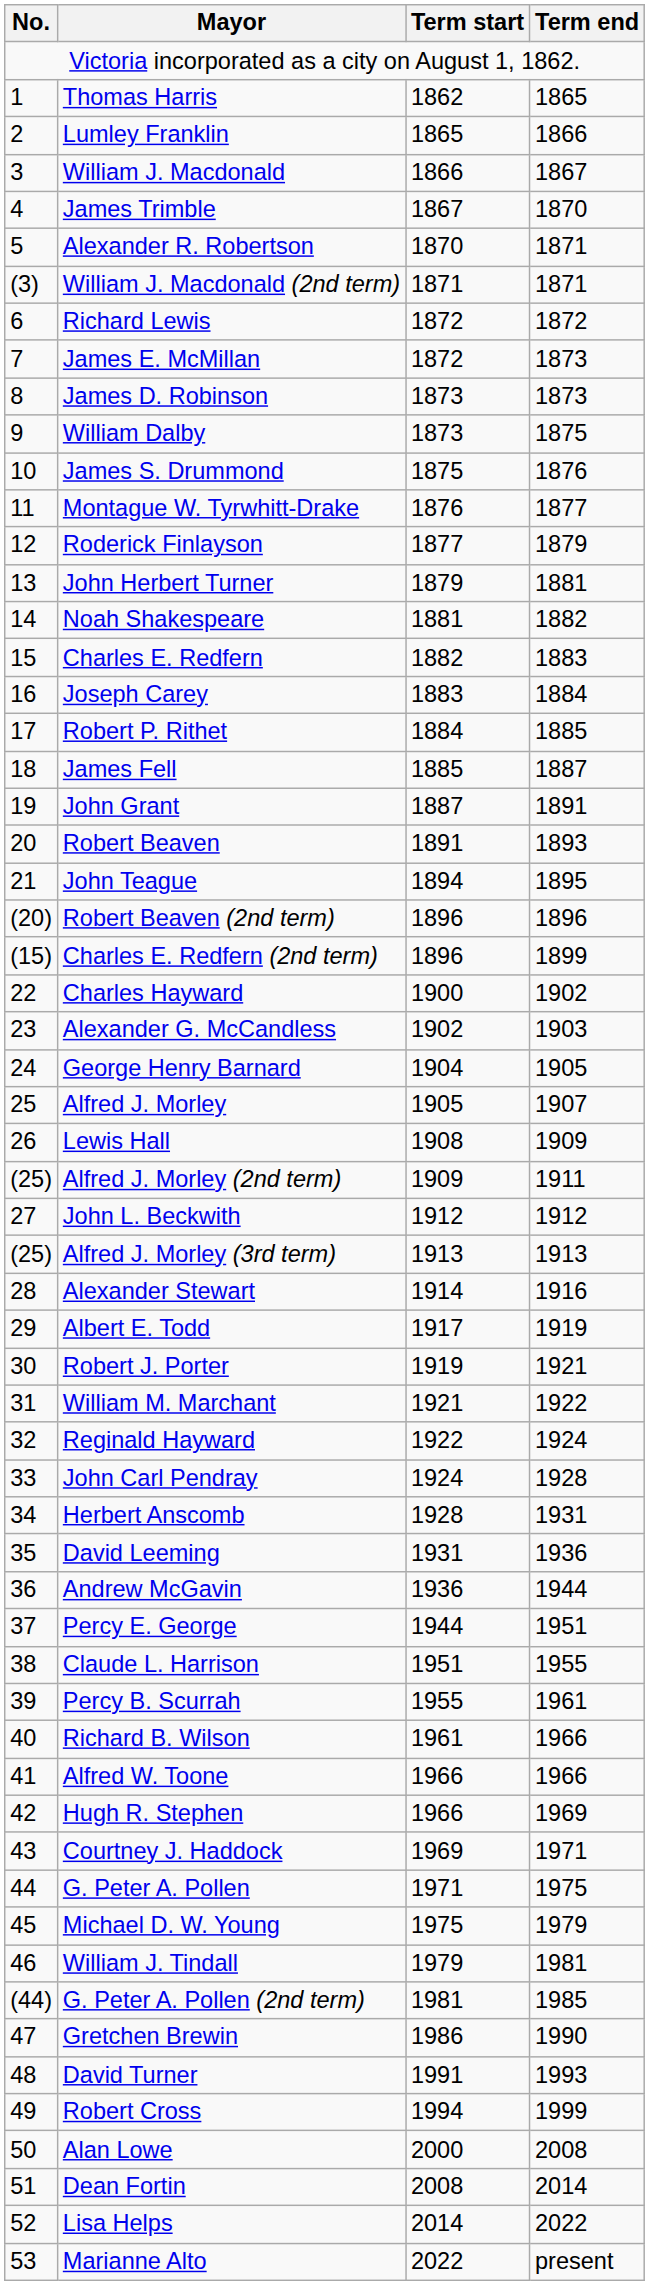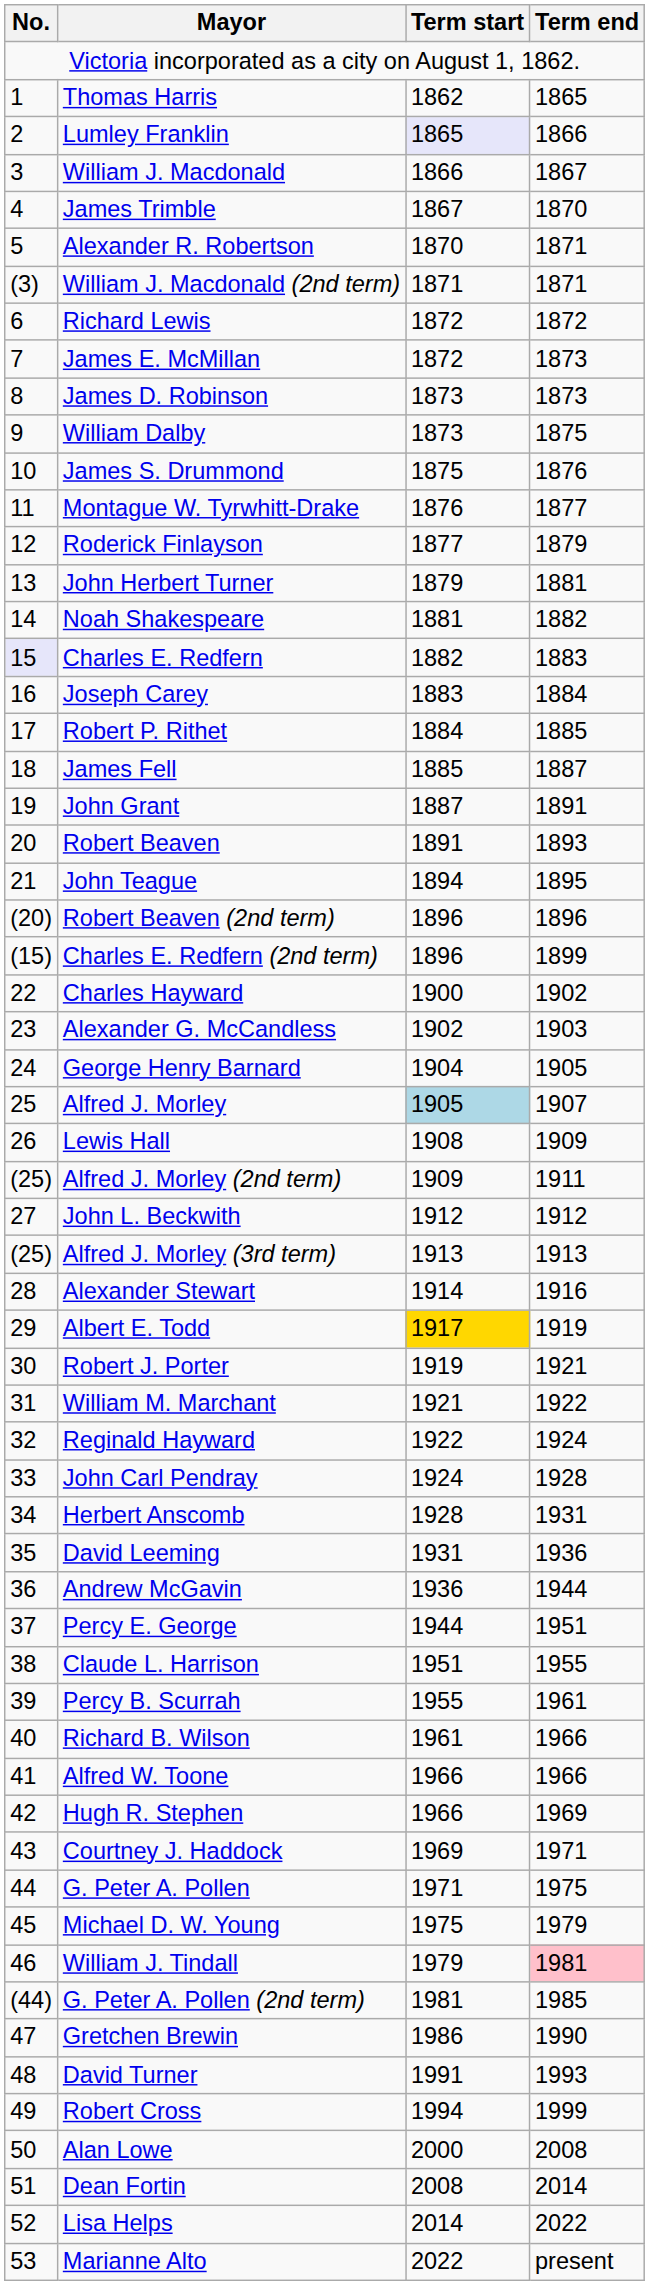 <table class="wikitable sortable">
 <tr>
 <th align="center">No.</th>
 <th>Mayor</th>
 <th>Term start</th>
 <th>Term end</th>
 </tr>
 <tr>
 <td colspan="4" align="center"><a href='#'>Victoria</a> incorporated as a city on August 1, 1862.</td>
 </tr>
 <tr>
 <td>1</td>
 <td><a href='#'>Thomas Harris</a></td>
 <td>1862</td>
 <td>1865</td>
 </tr>
 <tr>
 <td>2</td>
 <td><a href='#'>Lumley Franklin</a></td>
-<td>1865</td>
+<td style="background: lavender;">1865</td>
 <td>1866</td>
 </tr>
 <tr>
 <td>3</td>
 <td><a href='#'>William J. Macdonald</a></td>
 <td>1866</td>
 <td>1867</td>
 </tr>
 <tr>
 <td>4</td>
 <td><a href='#'>James Trimble</a></td>
 <td>1867</td>
 <td>1870</td>
 </tr>
 <tr>
 <td>5</td>
 <td><a href='#'>Alexander R. Robertson</a></td>
 <td>1870</td>
 <td>1871</td>
 </tr>
 <tr>
 <td>(3)</td>
 <td><a href='#'>William J. Macdonald</a> <em>(2nd term)</em></td>
 <td>1871</td>
 <td>1871</td>
 </tr>
 <tr>
 <td>6</td>
 <td><a href='#'>Richard Lewis</a></td>
 <td>1872</td>
 <td>1872</td>
 </tr>
 <tr>
 <td>7</td>
 <td><a href='#'>James E. McMillan</a></td>
 <td>1872</td>
 <td>1873</td>
 </tr>
 <tr>
 <td>8</td>
 <td><a href='#'>James D. Robinson</a></td>
 <td>1873</td>
 <td>1873</td>
 </tr>
 <tr>
 <td>9</td>
 <td><a href='#'>William Dalby</a></td>
 <td>1873</td>
 <td>1875</td>
 </tr>
 <tr>
 <td>10</td>
 <td><a href='#'>James S. Drummond</a></td>
 <td>1875</td>
 <td>1876</td>
 </tr>
 <tr>
 <td>11</td>
 <td><a href='#'>Montague W. Tyrwhitt-Drake</a></td>
 <td>1876</td>
 <td>1877</td>
 </tr>
 <tr>
 <td>12</td>
 <td><a href='#'>Roderick Finlayson</a></td>
 <td>1877</td>
 <td>1879</td>
 </tr>
 <tr>
 <td>13</td>
 <td><a href='#'>John Herbert Turner</a></td>
 <td>1879</td>
 <td>1881</td>
 </tr>
 <tr>
 <td>14</td>
 <td><a href='#'>Noah Shakespeare</a></td>
 <td>1881</td>
 <td>1882</td>
 </tr>
 <tr>
-<td>15</td>
+<td style="background: lavender;">15</td>
 <td><a href='#'>Charles E. Redfern</a></td>
 <td>1882</td>
 <td>1883</td>
 </tr>
 <tr>
 <td>16</td>
 <td><a href='#'>Joseph Carey</a></td>
 <td>1883</td>
 <td>1884</td>
 </tr>
 <tr>
 <td>17</td>
 <td><a href='#'>Robert P. Rithet</a></td>
 <td>1884</td>
 <td>1885</td>
 </tr>
 <tr>
 <td>18</td>
 <td><a href='#'>James Fell</a></td>
 <td>1885</td>
 <td>1887</td>
 </tr>
 <tr>
 <td>19</td>
 <td><a href='#'>John Grant</a></td>
 <td>1887</td>
 <td>1891</td>
 </tr>
 <tr>
 <td>20</td>
 <td><a href='#'>Robert Beaven</a></td>
 <td>1891</td>
 <td>1893</td>
 </tr>
 <tr>
 <td>21</td>
 <td><a href='#'>John Teague</a></td>
 <td>1894</td>
 <td>1895</td>
 </tr>
 <tr>
 <td>(20)</td>
 <td><a href='#'>Robert Beaven</a> <em>(2nd term)</em></td>
 <td>1896</td>
 <td>1896</td>
 </tr>
 <tr>
 <td>(15)</td>
 <td><a href='#'>Charles E. Redfern</a> <em>(2nd term)</em></td>
 <td>1896</td>
 <td>1899</td>
 </tr>
 <tr>
 <td>22</td>
 <td><a href='#'>Charles Hayward</a></td>
 <td>1900</td>
 <td>1902</td>
 </tr>
 <tr>
 <td>23</td>
 <td><a href='#'>Alexander G. McCandless</a></td>
 <td>1902</td>
 <td>1903</td>
 </tr>
 <tr>
 <td>24</td>
 <td><a href='#'>George Henry Barnard</a></td>
 <td>1904</td>
 <td>1905</td>
 </tr>
 <tr>
 <td>25</td>
 <td><a href='#'>Alfred J. Morley</a></td>
-<td>1905</td>
+<td style="background: lightblue;">1905</td>
 <td>1907</td>
 </tr>
 <tr>
 <td>26</td>
 <td><a href='#'>Lewis Hall</a></td>
 <td>1908</td>
 <td>1909</td>
 </tr>
 <tr>
 <td>(25)</td>
 <td><a href='#'>Alfred J. Morley</a> <em>(2nd term)</em></td>
 <td>1909</td>
 <td>1911</td>
 </tr>
 <tr>
 <td>27</td>
 <td><a href='#'>John L. Beckwith</a></td>
 <td>1912</td>
 <td>1912</td>
 </tr>
 <tr>
 <td>(25)</td>
 <td><a href='#'>Alfred J. Morley</a> <em>(3rd term)</em></td>
 <td>1913</td>
 <td>1913</td>
 </tr>
 <tr>
 <td>28</td>
 <td><a href='#'>Alexander Stewart</a></td>
 <td>1914</td>
 <td>1916</td>
 </tr>
 <tr>
 <td>29</td>
 <td><a href='#'>Albert E. Todd</a></td>
-<td>1917</td>
+<td style="background: gold;">1917</td>
 <td>1919</td>
 </tr>
 <tr>
 <td>30</td>
 <td><a href='#'>Robert J. Porter</a></td>
 <td>1919</td>
 <td>1921</td>
 </tr>
 <tr>
 <td>31</td>
 <td><a href='#'>William M. Marchant</a></td>
 <td>1921</td>
 <td>1922</td>
 </tr>
 <tr>
 <td>32</td>
 <td><a href='#'>Reginald Hayward</a></td>
 <td>1922</td>
 <td>1924</td>
 </tr>
 <tr>
 <td>33</td>
 <td><a href='#'>John Carl Pendray</a></td>
 <td>1924</td>
 <td>1928</td>
 </tr>
 <tr>
 <td>34</td>
 <td><a href='#'>Herbert Anscomb</a></td>
 <td>1928</td>
 <td>1931</td>
 </tr>
 <tr>
 <td>35</td>
 <td><a href='#'>David Leeming</a></td>
 <td>1931</td>
 <td>1936</td>
 </tr>
 <tr>
 <td>36</td>
 <td><a href='#'>Andrew McGavin</a></td>
 <td>1936</td>
 <td>1944</td>
 </tr>
 <tr>
 <td>37</td>
 <td><a href='#'>Percy E. George</a></td>
 <td>1944</td>
 <td>1951</td>
 </tr>
 <tr>
 <td>38</td>
 <td><a href='#'>Claude L. Harrison</a></td>
 <td>1951</td>
 <td>1955</td>
 </tr>
 <tr>
 <td>39</td>
 <td><a href='#'>Percy B. Scurrah</a></td>
 <td>1955</td>
 <td>1961</td>
 </tr>
 <tr>
 <td>40</td>
 <td><a href='#'>Richard B. Wilson</a></td>
 <td>1961</td>
 <td>1966</td>
 </tr>
 <tr>
 <td>41</td>
 <td><a href='#'>Alfred W. Toone</a></td>
 <td>1966</td>
 <td>1966</td>
 </tr>
 <tr>
 <td>42</td>
 <td><a href='#'>Hugh R. Stephen</a></td>
 <td>1966</td>
 <td>1969</td>
 </tr>
 <tr>
 <td>43</td>
 <td><a href='#'>Courtney J. Haddock</a></td>
 <td>1969</td>
 <td>1971</td>
 </tr>
 <tr>
 <td>44</td>
 <td><a href='#'>G. Peter A. Pollen</a></td>
 <td>1971</td>
 <td>1975</td>
 </tr>
 <tr>
 <td>45</td>
 <td><a href='#'>Michael D. W. Young</a></td>
 <td>1975</td>
 <td>1979</td>
 </tr>
 <tr>
 <td>46</td>
 <td><a href='#'>William J. Tindall</a></td>
 <td>1979</td>
-<td>1981</td>
+<td style="background: pink;">1981</td>
 </tr>
 <tr>
 <td>(44)</td>
 <td><a href='#'>G. Peter A. Pollen</a> <em>(2nd term)</em></td>
 <td>1981</td>
 <td>1985</td>
 </tr>
 <tr>
 <td>47</td>
 <td><a href='#'>Gretchen Brewin</a></td>
 <td>1986</td>
 <td>1990</td>
 </tr>
 <tr>
 <td>48</td>
 <td><a href='#'>David Turner</a></td>
 <td>1991</td>
 <td>1993</td>
 </tr>
 <tr>
 <td>49</td>
 <td><a href='#'>Robert Cross</a></td>
 <td>1994</td>
 <td>1999</td>
 </tr>
 <tr>
 <td>50</td>
 <td><a href='#'>Alan Lowe</a></td>
 <td>2000</td>
 <td>2008</td>
 </tr>
 <tr>
 <td>51</td>
 <td><a href='#'>Dean Fortin</a></td>
 <td>2008</td>
 <td>2014</td>
 </tr>
 <tr>
 <td>52</td>
 <td><a href='#'>Lisa Helps</a></td>
 <td>2014</td>
 <td>2022</td>
 </tr>
 <tr>
 <td>53</td>
 <td><a href='#'>Marianne Alto</a></td>
 <td>2022</td>
 <td>present</td>
 </tr>
 </table>
